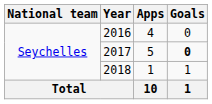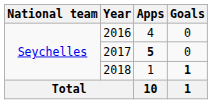 <table class="wikitable" style="text-align:center">
 <tr>
 <th>National team</th>
 <th>Year</th>
 <th>Apps</th>
 <th>Goals</th>
 </tr>
 <tr>
 <td rowspan="3"><a href='#'>Seychelles</a></td>
 <td>2016</td>
 <td>4</td>
 <td>0</td>
 </tr>
 <tr>
 <td>2017</td>
-<td>5</td>
-<td><strong>0</strong></td>
+<td><strong>5</strong></td>
+<td>0</td>
 </tr>
 <tr>
 <td>2018</td>
 <td>1</td>
-<td>1</td>
+<td><strong>1</strong></td>
 </tr>
 <tr>
 <th colspan=2>Total</th>
 <th>10</th>
 <th>1</th>
 </tr>
 </table>
